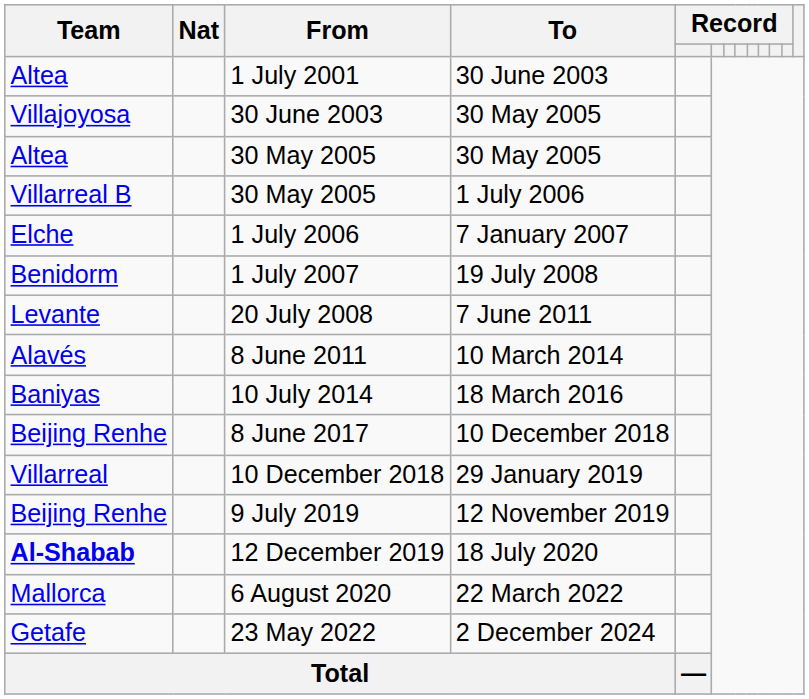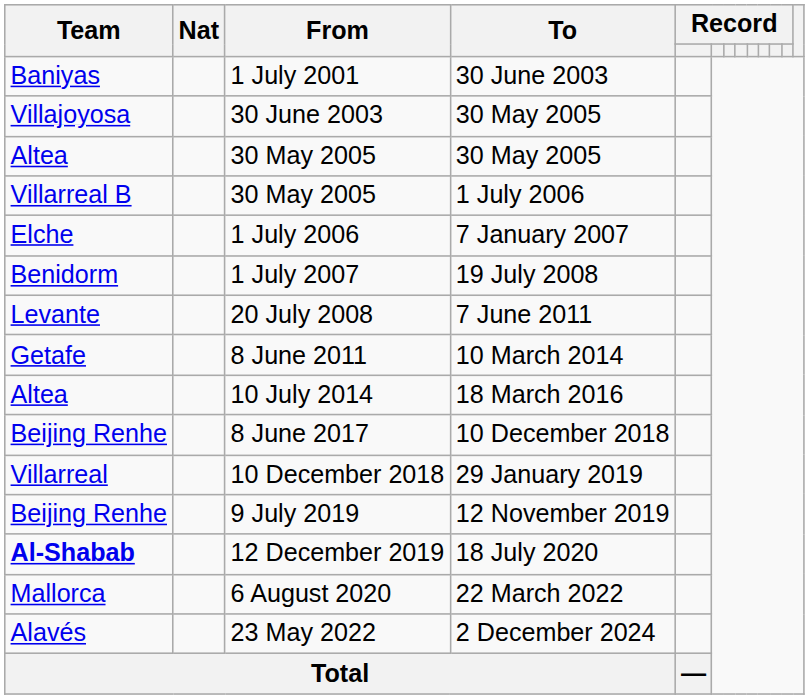 <table class="wikitable" style="text-align: center">
 <tr>
 <th rowspan="2">Team</th>
 <th rowspan="2">Nat</th>
 <th rowspan="2">From</th>
 <th rowspan="2">To</th>
 <th colspan="8">Record</th>
 <th rowspan=2></th>
 </tr>
 <tr>
 <th></th>
 <th></th>
 <th></th>
 <th></th>
 <th></th>
 <th></th>
 <th></th>
 <th></th>
 </tr>
 <tr>
-<td align="left"><a href='#'>Altea</a></td>
+<td align="left"><a href='#'>Baniyas</a></td>
 <td></td>
 <td align=left>1 July 2001</td>
 <td align=left>30 June 2003<br></td>
 <td></td>
 </tr>
 <tr>
 <td align="left"><a href='#'>Villajoyosa</a></td>
 <td></td>
 <td align=left>30 June 2003</td>
 <td align=left>30 May 2005<br></td>
 <td></td>
 </tr>
 <tr>
 <td align="left"><a href='#'>Altea</a></td>
 <td></td>
 <td align=left>30 May 2005</td>
 <td align=left>30 May 2005<br></td>
 <td></td>
 </tr>
 <tr>
 <td align="left"><a href='#'>Villarreal B</a></td>
 <td></td>
 <td align=left>30 May 2005</td>
 <td align=left>1 July 2006<br></td>
 <td></td>
 </tr>
 <tr>
 <td align="left"><a href='#'>Elche</a></td>
 <td></td>
 <td align=left>1 July 2006</td>
 <td align=left>7 January 2007<br></td>
 <td></td>
 </tr>
 <tr>
 <td align="left"><a href='#'>Benidorm</a></td>
 <td></td>
 <td align=left>1 July 2007</td>
 <td align=left>19 July 2008<br></td>
 <td></td>
 </tr>
 <tr>
 <td align="left"><a href='#'>Levante</a></td>
 <td></td>
 <td align=left>20 July 2008</td>
 <td align=left>7 June 2011<br></td>
 <td></td>
 </tr>
 <tr>
-<td align="left"><a href='#'>Alavés</a></td>
+<td align="left"><a href='#'>Getafe</a></td>
 <td></td>
 <td align=left>8 June 2011</td>
 <td align=left>10 March 2014<br></td>
 <td></td>
 </tr>
 <tr>
-<td align="left"><a href='#'>Baniyas</a></td>
+<td align="left"><a href='#'>Altea</a></td>
 <td></td>
 <td align=left>10 July 2014</td>
 <td align=left>18 March 2016<br></td>
 <td></td>
 </tr>
 <tr>
 <td align="left"><a href='#'>Beijing Renhe</a></td>
 <td></td>
 <td align=left>8 June 2017</td>
 <td align=left>10 December 2018<br></td>
 <td></td>
 </tr>
 <tr>
 <td align="left"><a href='#'>Villarreal</a></td>
 <td></td>
 <td align=left>10 December 2018</td>
 <td align=left>29 January 2019<br></td>
 <td></td>
 </tr>
 <tr>
 <td align="left"><a href='#'>Beijing Renhe</a></td>
 <td></td>
 <td align=left>9 July 2019</td>
 <td align=left>12 November 2019<br></td>
 <td></td>
 </tr>
 <tr>
 <td align="left"><strong><a href='#'>Al-Shabab</a></strong></td>
 <td></td>
 <td align=left>12 December 2019</td>
 <td align=left>18 July 2020<br></td>
 <td></td>
 </tr>
 <tr>
 <td align="left"><a href='#'>Mallorca</a></td>
 <td></td>
 <td align=left>6 August 2020</td>
 <td align=left>22 March 2022<br></td>
 <td></td>
 </tr>
 <tr>
-<td align="left"><a href='#'>Getafe</a></td>
+<td align="left"><a href='#'>Alavés</a></td>
 <td></td>
 <td align=left>23 May 2022</td>
 <td align=left>2 December 2024<br></td>
 <td></td>
 </tr>
 <tr>
 <th colspan=4>Total<br></th>
 <th>—</th>
 </tr>
 </table>
